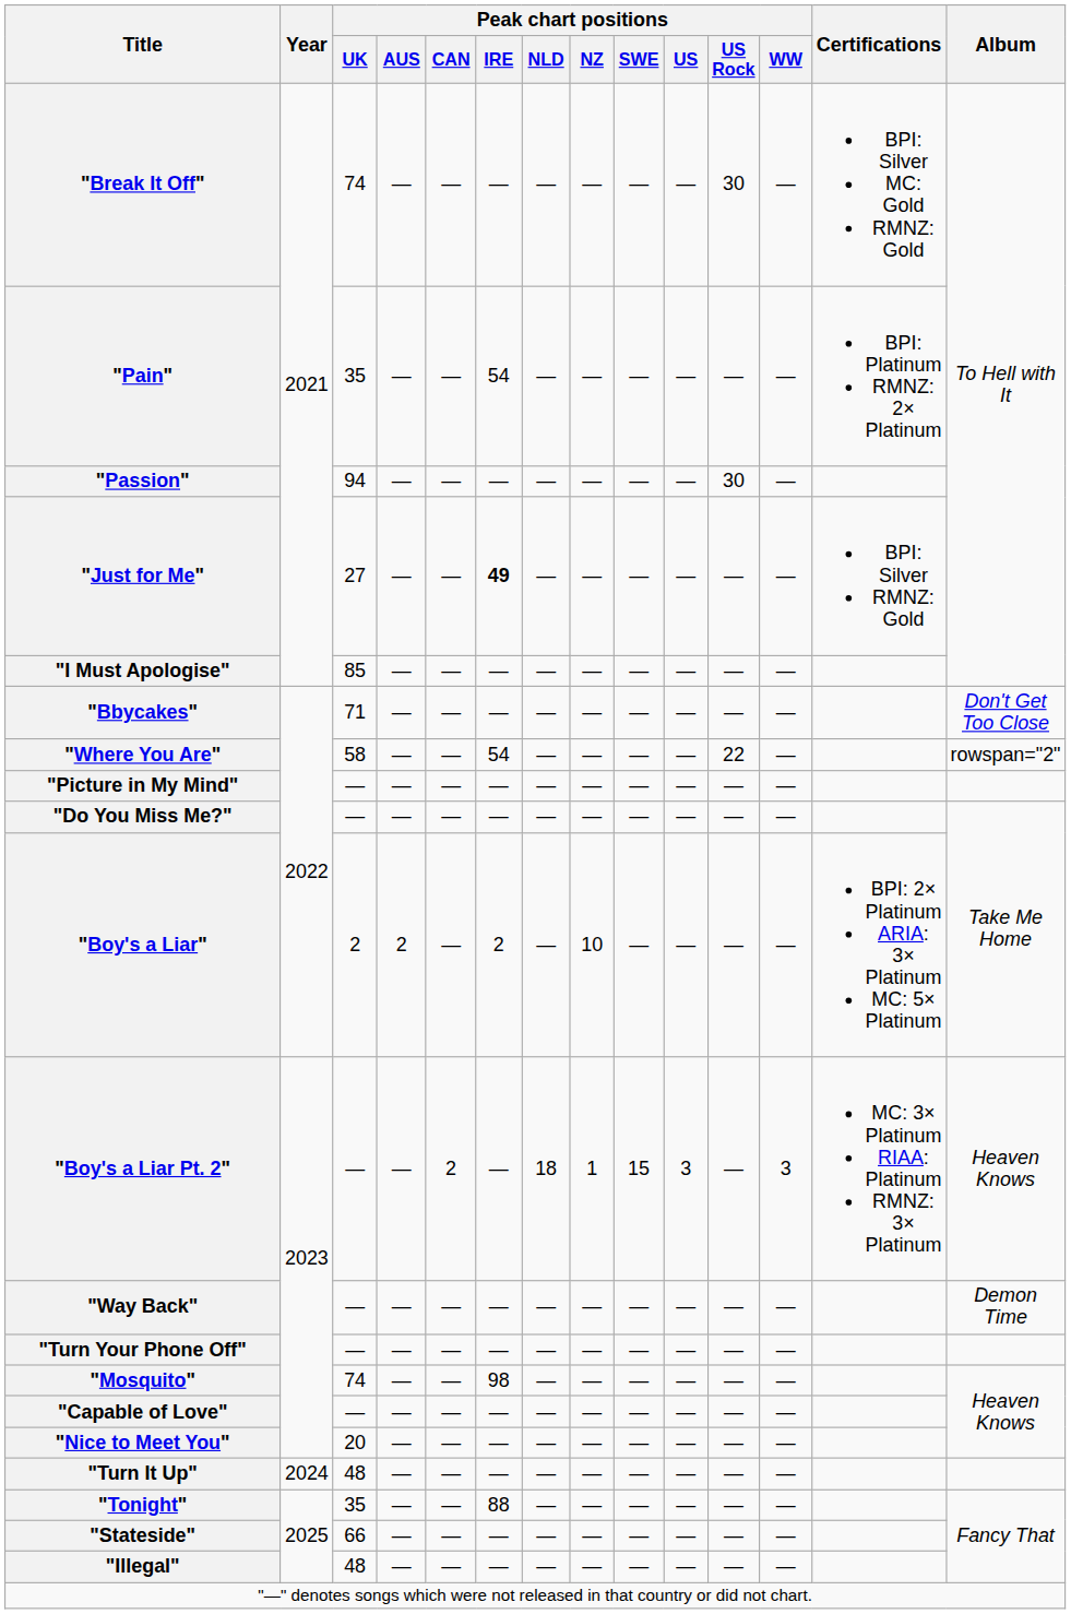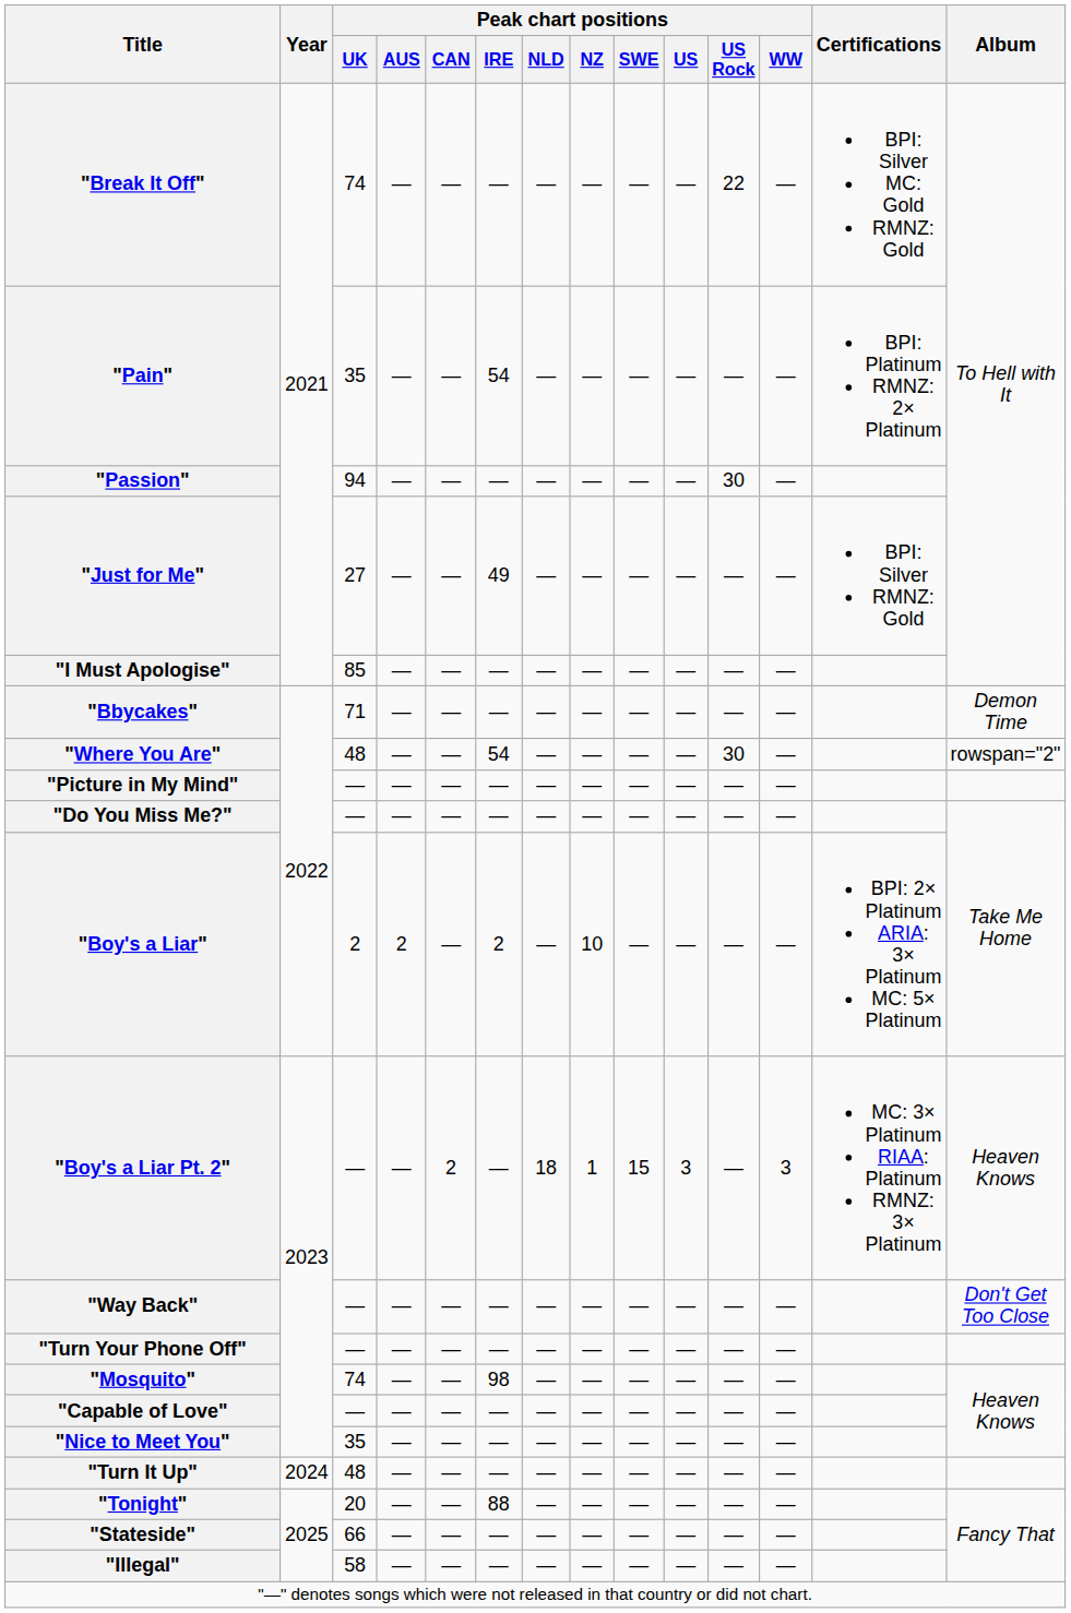 <table class="wikitable plainrowheaders" style="text-align:center;">
 <tr>
 <th scope="col" rowspan="2" style="width:20em;">Title</th>
 <th scope="col" rowspan="2">Year</th>
 <th scope="col" colspan="10">Peak chart positions</th>
 <th scope="col" rowspan="2">Certifications</th>
 <th scope="col" rowspan="2">Album</th>
 </tr>
 <tr>
 <th scope="col" style="width:2.5em;font-size:90%;"><a href='#'>UK</a><br></th>
 <th scope="col" style="width:2.5em;font-size:90%;"><a href='#'>AUS</a><br></th>
 <th scope="col" style="width:2.5em;font-size:90%;"><a href='#'>CAN</a><br></th>
 <th scope="col" style="width:2.5em;font-size:90%;"><a href='#'>IRE</a><br></th>
 <th scope="col" style="width:2.5em;font-size:90%;"><a href='#'>NLD</a><br></th>
 <th scope="col" style="width:2.5em;font-size:90%;"><a href='#'>NZ</a><br></th>
 <th scope="col" style="width:2.5em;font-size:90%;"><a href='#'>SWE</a><br></th>
 <th scope="col" style="width:2.5em;font-size:90%;"><a href='#'>US</a><br></th>
 <th scope="col" style="width:2.5em;font-size:90%;"><a href='#'>US<br>Rock</a><br></th>
 <th scope="col" style="width:3em;font-size:90%;"><a href='#'>WW</a><br></th>
 </tr>
 <tr>
 <th scope="row">"<a href='#'>Break It Off</a>"</th>
 <td rowspan="5">2021</td>
 <td>74</td>
 <td>—</td>
 <td>—</td>
 <td>—</td>
 <td>—</td>
 <td>—</td>
 <td>—</td>
 <td>—</td>
-<td>30</td>
+<td>22</td>
 <td>—</td>
 <td><br><ul><li>BPI: Silver</li><li>MC: Gold</li><li>RMNZ: Gold</li></ul></td>
 <td rowspan="5"><em>To Hell with It</em></td>
 </tr>
 <tr>
 <th scope="row">"<a href='#'>Pain</a>"</th>
 <td>35</td>
 <td>—</td>
 <td>—</td>
 <td>54</td>
 <td>—</td>
 <td>—</td>
 <td>—</td>
 <td>—</td>
 <td>—</td>
 <td>—</td>
 <td><br><ul><li>BPI: Platinum</li><li>RMNZ: 2× Platinum</li></ul></td>
 </tr>
 <tr>
 <th scope="row">"<a href='#'>Passion</a>"</th>
 <td>94</td>
 <td>—</td>
 <td>—</td>
 <td>—</td>
 <td>—</td>
 <td>—</td>
 <td>—</td>
 <td>—</td>
 <td>30</td>
 <td>—</td>
 <td></td>
 </tr>
 <tr>
 <th scope="row">"<a href='#'>Just for Me</a>"</th>
 <td>27</td>
 <td>—</td>
 <td>—</td>
-<td><strong>49</strong></td>
+<td>49</td>
 <td>—</td>
 <td>—</td>
 <td>—</td>
 <td>—</td>
 <td>—</td>
 <td>—</td>
 <td><br><ul><li>BPI: Silver</li><li>RMNZ: Gold</li></ul></td>
 </tr>
 <tr>
 <th scope="row">"I Must Apologise"</th>
 <td>85</td>
 <td>—</td>
 <td>—</td>
 <td>—</td>
 <td>—</td>
 <td>—</td>
 <td>—</td>
 <td>—</td>
 <td>—</td>
 <td>—</td>
 <td></td>
 </tr>
 <tr>
 <th scope="row">"<a href='#'>Bbycakes</a>"<br></th>
 <td rowspan="5">2022</td>
 <td>71</td>
 <td>—</td>
 <td>—</td>
 <td>—</td>
 <td>—</td>
 <td>—</td>
 <td>—</td>
 <td>—</td>
 <td>—</td>
 <td>—</td>
 <td></td>
-<td><em><a href='#'>Don't Get Too Close</a></em></td>
+<td><em>Demon Time</em></td>
 </tr>
 <tr>
 <th scope="row">"<a href='#'>Where You Are</a>"<br></th>
-<td>58</td>
+<td>48</td>
 <td>—</td>
 <td>—</td>
 <td>54</td>
 <td>—</td>
 <td>—</td>
 <td>—</td>
 <td>—</td>
-<td>22</td>
+<td>30</td>
 <td>—</td>
 <td></td>
 <td>rowspan="2" </td>
 </tr>
 <tr>
 <th scope="row">"Picture in My Mind"<br></th>
 <td>—</td>
 <td>—</td>
 <td>—</td>
 <td>—</td>
 <td>—</td>
 <td>—</td>
 <td>—</td>
 <td>—</td>
 <td>—</td>
 <td>—</td>
 <td></td>
 </tr>
 <tr>
 <th scope="row">"Do You Miss Me?"</th>
 <td>—</td>
 <td>—</td>
 <td>—</td>
 <td>—</td>
 <td>—</td>
 <td>—</td>
 <td>—</td>
 <td>—</td>
 <td>—</td>
 <td>—</td>
 <td></td>
 <td rowspan="2"><em>Take Me Home</em></td>
 </tr>
 <tr>
 <th scope="row">"<a href='#'>Boy's a Liar</a>"</th>
 <td>2</td>
 <td>2</td>
 <td>—</td>
 <td>2</td>
 <td>—</td>
 <td>10</td>
 <td>—</td>
 <td>—</td>
 <td>—</td>
 <td>—</td>
 <td><br><ul><li>BPI: 2× Platinum</li><li><a href='#'>ARIA</a>: 3× Platinum</li><li>MC: 5× Platinum</li></ul></td>
 </tr>
 <tr>
 <th scope="row">"<a href='#'>Boy's a Liar Pt. 2</a>"<br></th>
 <td rowspan="6">2023</td>
 <td>—</td>
 <td>—</td>
 <td>2</td>
 <td>—</td>
 <td>18</td>
 <td>1</td>
 <td>15</td>
 <td>3</td>
 <td>—</td>
 <td>3</td>
 <td><br><ul><li>MC: 3× Platinum</li><li><a href='#'>RIAA</a>: Platinum</li><li>RMNZ: 3× Platinum</li></ul></td>
 <td><em>Heaven Knows</em></td>
 </tr>
 <tr>
 <th scope="row">"Way Back"<br></th>
 <td>—</td>
 <td>—</td>
 <td>—</td>
 <td>—</td>
 <td>—</td>
 <td>—</td>
 <td>—</td>
 <td>—</td>
 <td>—</td>
 <td>—</td>
 <td></td>
-<td><em>Demon Time</em></td>
+<td><em><a href='#'>Don't Get Too Close</a></em></td>
 </tr>
 <tr>
 <th scope="row">"Turn Your Phone Off"<br></th>
 <td>—</td>
 <td>—</td>
 <td>—</td>
 <td>—</td>
 <td>—</td>
 <td>—</td>
 <td>—</td>
 <td>—</td>
 <td>—</td>
 <td>—</td>
 <td></td>
 <td></td>
 </tr>
 <tr>
 <th scope="row">"<a href='#'>Mosquito</a>"</th>
 <td>74</td>
 <td>—</td>
 <td>—</td>
 <td>98</td>
 <td>—</td>
 <td>—</td>
 <td>—</td>
 <td>—</td>
 <td>—</td>
 <td>—</td>
 <td></td>
 <td rowspan="3"><em>Heaven Knows</em></td>
 </tr>
 <tr>
 <th scope="row">"Capable of Love"</th>
 <td>—</td>
 <td>—</td>
 <td>—</td>
 <td>—</td>
 <td>—</td>
 <td>—</td>
 <td>—</td>
 <td>—</td>
 <td>—</td>
 <td>—</td>
 <td></td>
 </tr>
 <tr>
 <th scope="row">"<a href='#'>Nice to Meet You</a>" <br></th>
-<td>20</td>
+<td>35</td>
 <td>—</td>
 <td>—</td>
 <td>—</td>
 <td>—</td>
 <td>—</td>
 <td>—</td>
 <td>—</td>
 <td>—</td>
 <td>—</td>
 </tr>
 <tr>
 <th scope="row">"Turn It Up"</th>
 <td>2024</td>
 <td>48</td>
 <td>—</td>
 <td>—</td>
 <td>—</td>
 <td>—</td>
 <td>—</td>
 <td>—</td>
 <td>—</td>
 <td>—</td>
 <td>—</td>
 <td></td>
 <td></td>
 </tr>
 <tr>
 <th scope="row">"<a href='#'>Tonight</a>"</th>
 <td rowspan="3">2025</td>
-<td>35</td>
+<td>20</td>
 <td>—</td>
 <td>—</td>
 <td>88<br></td>
 <td>—</td>
 <td>—</td>
 <td>—</td>
 <td>—</td>
 <td>—</td>
 <td>—</td>
 <td></td>
 <td rowspan="3"><em>Fancy That</em></td>
 </tr>
 <tr>
 <th scope="row">"Stateside"</th>
 <td>66</td>
 <td>—</td>
 <td>—</td>
 <td>—</td>
 <td>—</td>
 <td>—</td>
 <td>—</td>
 <td>—</td>
 <td>—</td>
 <td>—</td>
 <td></td>
 </tr>
 <tr>
 <th scope="row">"Illegal"</th>
-<td>48</td>
+<td>58</td>
 <td>—</td>
 <td>—</td>
 <td>—</td>
 <td>—</td>
 <td>—</td>
 <td>—</td>
 <td>—</td>
 <td>—</td>
 <td>—</td>
 <td></td>
 </tr>
 <tr>
 <td colspan="14" style="font-size:85%;">"—" denotes songs which were not released in that country or did not chart.</td>
 </tr>
 </table>
